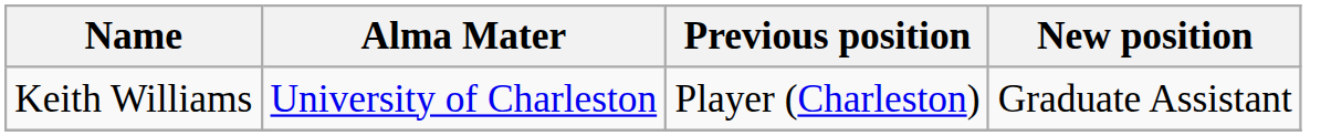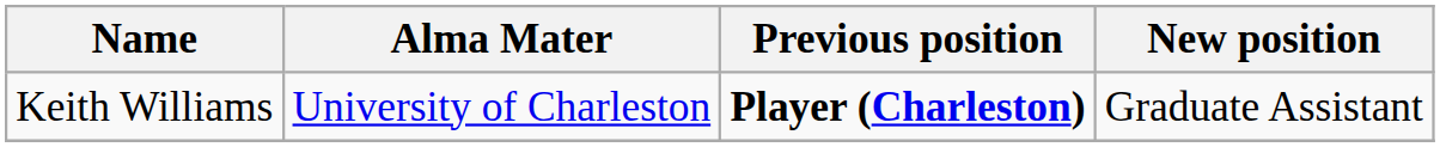 <table class="wikitable sortable" border="1">
 <tr align=center>
 <th>Name</th>
 <th>Alma Mater</th>
 <th>Previous position</th>
 <th>New position</th>
 </tr>
 <tr>
 <td>Keith Williams</td>
 <td><a href='#'>University of Charleston</a></td>
-<td>Player (<a href='#'>Charleston</a>)</td>
+<td><strong>Player (<a href='#'>Charleston</a>)</strong></td>
 <td>Graduate Assistant</td>
 </tr>
 <tr>
 </tr>
 </table>
